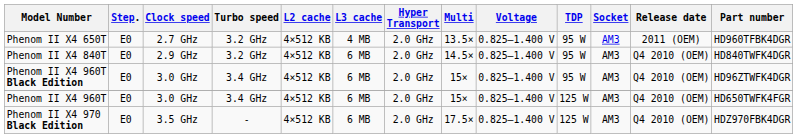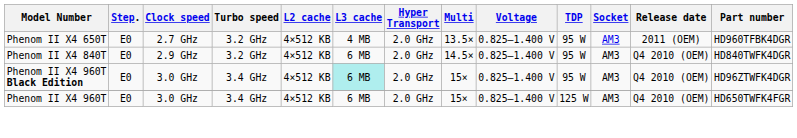 <table class="wikitable" style="text-align: center">
 <tr>
 <th>Model Number</th>
 <th><a href='#'>Step</a>.</th>
 <th><a href='#'>Clock speed</a></th>
 <th>Turbo speed</th>
 <th><a href='#'>L2 cache</a></th>
 <th><a href='#'>L3 cache</a></th>
 <th><a href='#'>Hyper<br>Transport</a></th>
 <th><a href='#'>Multi</a></th>
 <th><a href='#'>Voltage</a></th>
 <th><a href='#'>TDP</a></th>
 <th><a href='#'>Socket</a></th>
 <th>Release date</th>
 <th>Part number</th>
 </tr>
 <tr>
 <td style="text-align:left">Phenom II X4 650T</td>
 <td>E0</td>
 <td>2.7 GHz</td>
 <td>3.2 GHz</td>
 <td style="white-space: nowrap;">4×512 KB</td>
 <td>4 MB</td>
 <td>2.0 GHz</td>
 <td>13.5×</td>
 <td style="white-space: nowrap;">0.825–1.400 V</td>
 <td style="white-space: nowrap;">95 W</td>
 <td><a href='#'>AM3</a></td>
 <td>2011 (OEM)</td>
 <td>HD960TFBK4DGR</td>
 </tr>
 <tr>
 <td style="text-align:left">Phenom II X4 840T</td>
 <td>E0</td>
 <td>2.9 GHz</td>
 <td>3.2 GHz</td>
 <td>4×512 KB</td>
 <td>6 MB</td>
 <td>2.0 GHz</td>
 <td>14.5×</td>
 <td>0.825–1.400 V</td>
 <td>95 W</td>
 <td>AM3</td>
 <td>Q4 2010 (OEM)</td>
 <td>HD840TWFK4DGR</td>
 </tr>
 <tr>
 <td style="text-align:left">Phenom II X4 960T<br><strong>Black Edition</strong></td>
 <td>E0</td>
 <td>3.0 GHz</td>
 <td>3.4 GHz</td>
 <td>4×512 KB</td>
-<td>6 MB</td>
+<td style="background: paleturquoise;">6 MB</td>
 <td>2.0 GHz</td>
 <td>15×</td>
 <td>0.825–1.400 V</td>
 <td>95 W</td>
 <td>AM3</td>
 <td>Q4 2010 (OEM)</td>
 <td>HD96ZTWFK4DGR</td>
 </tr>
 <tr>
 </tr>
 <tr>
 <td style="text-align:left">Phenom II X4 960T</td>
 <td>E0</td>
 <td>3.0 GHz</td>
 <td>3.4 GHz</td>
 <td>4×512 KB</td>
 <td>6 MB</td>
 <td>2.0 GHz</td>
 <td>15×</td>
 <td>0.825–1.400 V</td>
 <td>125 W</td>
 <td>AM3</td>
 <td>Q4 2010 (OEM)</td>
 <td>HD650TWFK4FGR</td>
 </tr>
-<tr>
-<td style="text-align:left">Phenom II X4 970 <br><strong>Black Edition</strong></td>
-<td>E0</td>
-<td>3.5 GHz</td>
-<td>-</td>
-<td>4×512 KB</td>
-<td>6 MB</td>
-<td>2.0 GHz</td>
-<td>17.5×</td>
-<td>0.825–1.400 V</td>
-<td>125 W</td>
-<td>AM3</td>
-<td>Q4 2010 (OEM)</td>
-<td>HDZ970FBK4DGR</td>
-</tr>
 </table>
